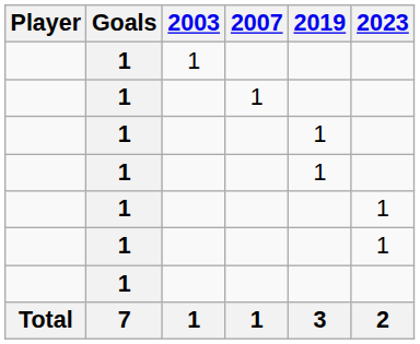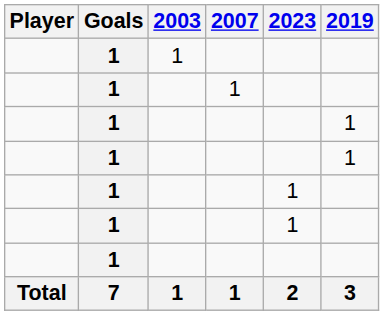 <table class="wikitable sortable" style="text-align:center;">
 <tr>
 <th>Player</th>
 <th>Goals</th>
 <th><a href='#'>2003</a></th>
 <th><a href='#'>2007</a></th>
+<th><a href='#'>2023</a></th>
 <th><a href='#'>2019</a></th>
-<th><a href='#'>2023</a></th>
 </tr>
 <tr>
 <td align="left"></td>
 <th>1</th>
 <td>1</td>
 <td></td>
 <td></td>
 <td></td>
 </tr>
 <tr>
 <td align="left"></td>
 <th>1</th>
 <td></td>
 <td>1</td>
 <td></td>
 <td></td>
+</tr>
+<tr>
+<td align="left"></td>
+<th>1</th>
+<td></td>
+<td></td>
+<td></td>
+<td>1</td>
+</tr>
+<tr>
+<td align="left"></td>
+<th>1</th>
+<td></td>
+<td></td>
+<td></td>
+<td>1</td>
 </tr>
 <tr>
 <td align="left"></td>
 <th>1</th>
 <td></td>
 <td></td>
 <td>1</td>
 <td></td>
 </tr>
 <tr>
 <td align="left"></td>
 <th>1</th>
 <td></td>
 <td></td>
 <td>1</td>
 <td></td>
 </tr>
 <tr>
 <td align="left"></td>
 <th>1</th>
 <td></td>
 <td></td>
 <td></td>
-<td>1</td>
-</tr>
-<tr>
-<td align="left"></td>
-<th>1</th>
-<td></td>
-<td></td>
-<td></td>
-<td>1</td>
-</tr>
-<tr>
-<td align="left"></td>
-<th>1</th>
-<td></td>
-<td></td>
-<td></td>
 <td></td>
 </tr>
 <tr class="sortbottom">
 <th>Total</th>
 <th>7</th>
 <th>1</th>
 <th>1</th>
+<th>2</th>
 <th>3</th>
-<th>2</th>
 </tr>
 </table>
